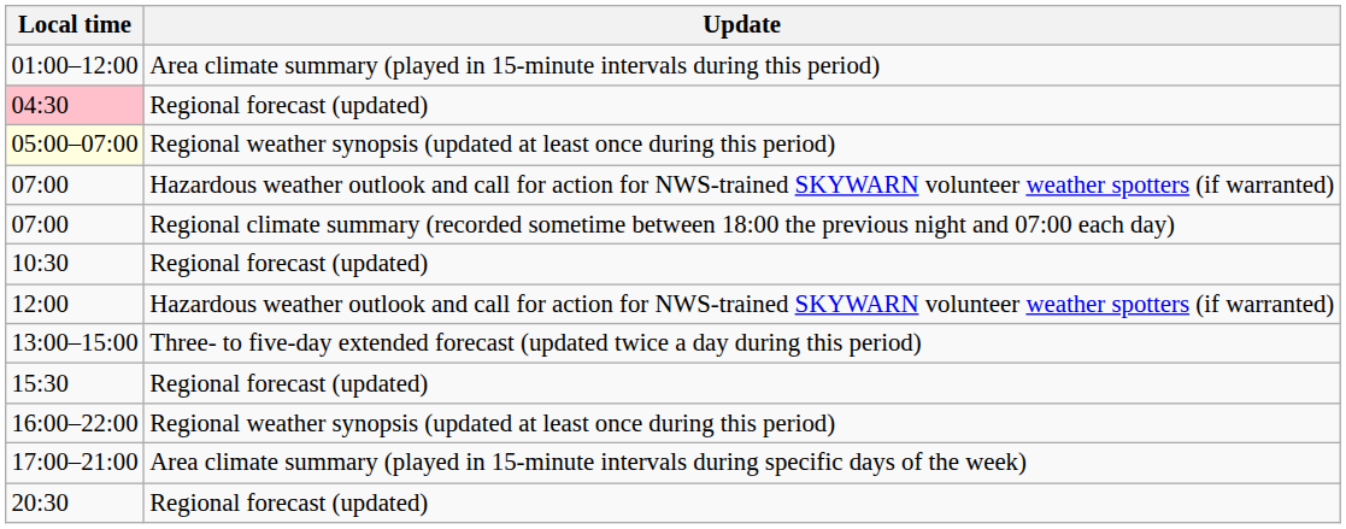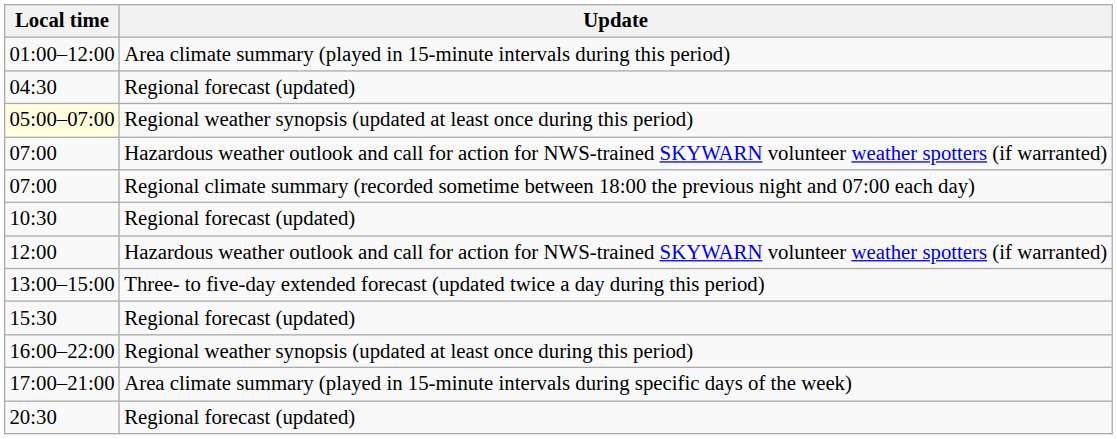 <table class="wikitable">
 <tr>
 <th>Local time</th>
 <th>Update</th>
 </tr>
 <tr>
 <td>01:00–12:00</td>
 <td>Area climate summary (played in 15-minute intervals during this period)</td>
 </tr>
 <tr>
-<td style="background: pink;">04:30</td>
+<td>04:30</td>
 <td>Regional forecast (updated)</td>
 </tr>
 <tr>
 <td style="background: lightyellow;">05:00–07:00</td>
 <td>Regional weather synopsis (updated at least once during this period)</td>
 </tr>
 <tr>
 <td>07:00</td>
 <td>Hazardous weather outlook and call for action for NWS-trained <a href='#'>SKYWARN</a> volunteer <a href='#'>weather spotters</a> (if warranted)</td>
 </tr>
 <tr>
 <td>07:00</td>
 <td>Regional climate summary (recorded sometime between 18:00 the previous night and 07:00 each day)</td>
 </tr>
 <tr>
 <td>10:30</td>
 <td>Regional forecast (updated)</td>
 </tr>
 <tr>
 <td>12:00</td>
 <td>Hazardous weather outlook and call for action for NWS-trained <a href='#'>SKYWARN</a> volunteer <a href='#'>weather spotters</a> (if warranted)</td>
 </tr>
 <tr>
 <td>13:00–15:00</td>
 <td>Three- to five-day extended forecast (updated twice a day during this period)</td>
 </tr>
 <tr>
 <td>15:30</td>
 <td>Regional forecast (updated)</td>
 </tr>
 <tr>
 <td>16:00–22:00</td>
 <td>Regional weather synopsis (updated at least once during this period)</td>
 </tr>
 <tr>
 <td>17:00–21:00</td>
 <td>Area climate summary (played in 15-minute intervals during specific days of the week)</td>
 </tr>
 <tr>
 <td>20:30</td>
 <td>Regional forecast (updated)</td>
 </tr>
 </table>
